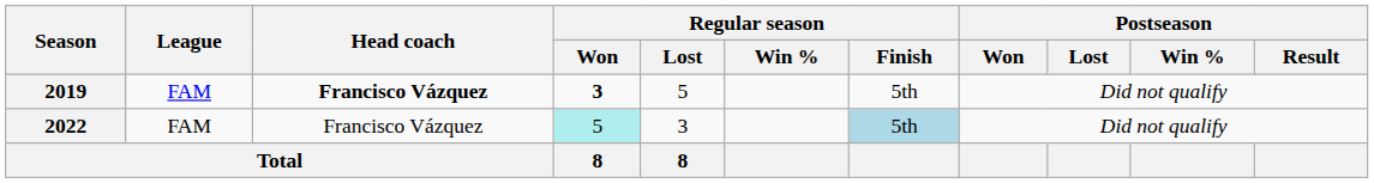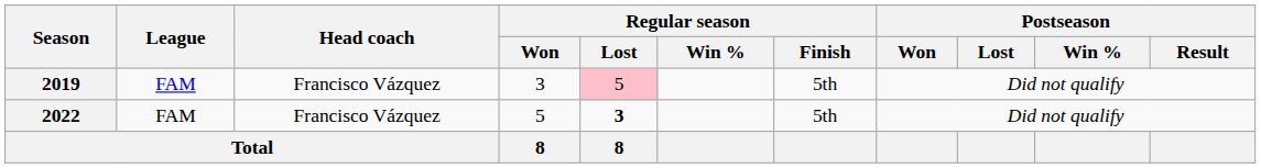 <table class="wikitable" style="font-size: 95%; text-align:center; width:65em">
 <tr>
 <th rowspan="2">Season</th>
 <th rowspan="2">League</th>
 <th rowspan="2">Head coach</th>
 <th colspan="4">Regular season</th>
 <th colspan="4">Postseason</th>
 </tr>
 <tr>
 <th>Won</th>
 <th>Lost</th>
 <th>Win %</th>
 <th>Finish</th>
 <th>Won</th>
 <th>Lost</th>
 <th>Win %</th>
 <th>Result</th>
 </tr>
 <tr>
 <th>2019</th>
 <td><a href='#'>FAM</a></td>
-<td><strong>Francisco Vázquez</strong></td>
-<td><strong>3</strong></td>
-<td>5</td>
+<td>Francisco Vázquez</td>
+<td>3</td>
+<td style="background: pink;">5</td>
 <td></td>
 <td>5th</td>
 <td colspan=4><em>Did not qualify</em></td>
 </tr>
 <tr>
 <th>2022</th>
 <td>FAM</td>
 <td>Francisco Vázquez</td>
-<td style="background: paleturquoise;">5</td>
-<td>3</td>
+<td>5</td>
+<td><strong>3</strong></td>
 <td></td>
-<td style="background: lightblue;">5th</td>
+<td>5th</td>
 <td colspan=4><em>Did not qualify</em></td>
 </tr>
 <tr>
 <th colspan="3">Total</th>
 <th>8</th>
 <th>8</th>
 <th></th>
 <th></th>
 <th></th>
 <th></th>
 <th></th>
 <th></th>
 </tr>
 </table>
